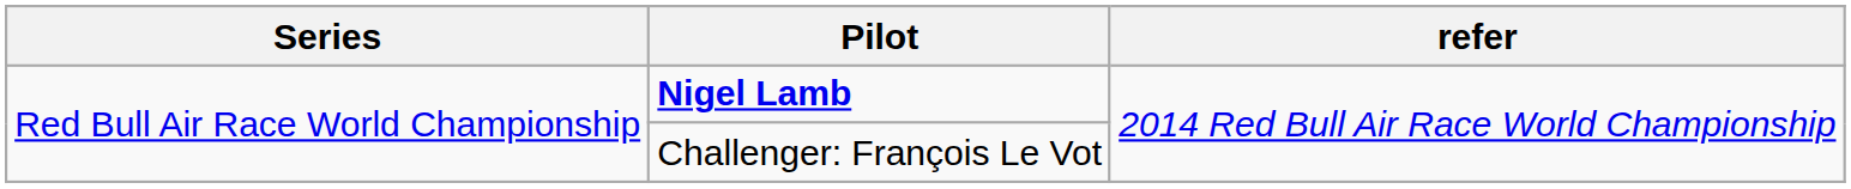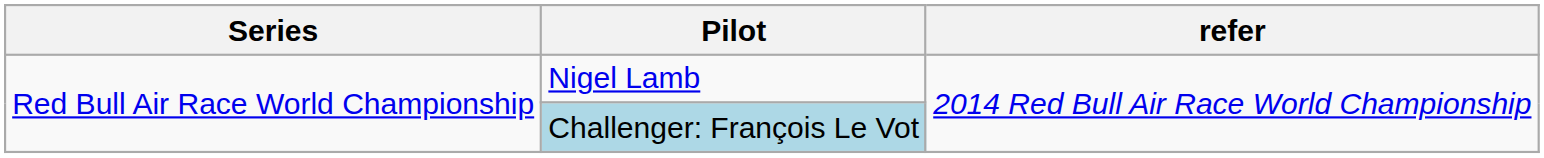 <table class="wikitable" style="font-size: 87%;">
 <tr>
 <th>Series</th>
 <th>Pilot</th>
 <th>refer</th>
 </tr>
 <tr>
 <td rowspan=2><a href='#'>Red Bull Air Race World Championship</a></td>
-<td><strong> <a href='#'>Nigel Lamb</a></strong></td>
+<td> <a href='#'>Nigel Lamb</a></td>
 <td rowspan=2><em><a href='#'>2014 Red Bull Air Race World Championship</a></em></td>
 </tr>
 <tr>
-<td>Challenger:  François Le Vot</td>
+<td style="background: lightblue;">Challenger:  François Le Vot</td>
 </tr>
 </table>
